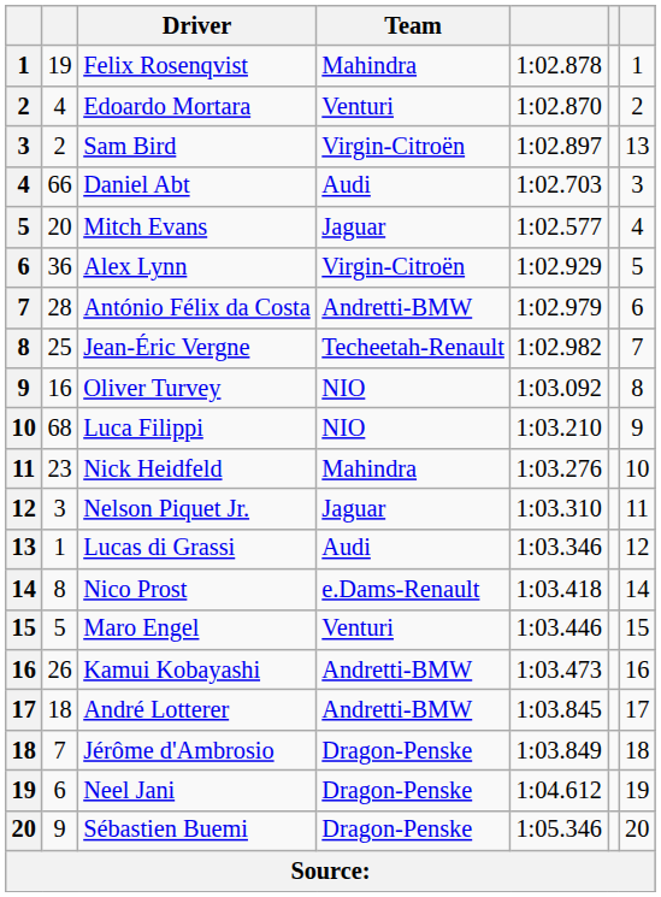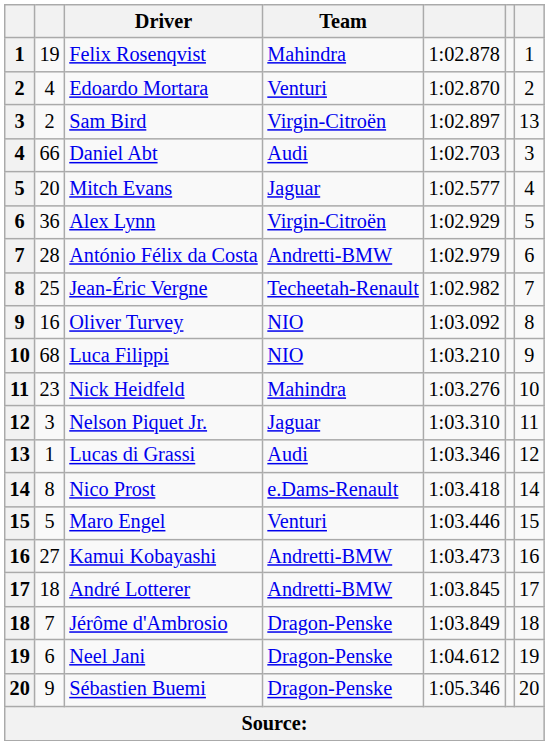 <table class="wikitable sortable" style="font-size: 85%">
 <tr>
 <th scope="col"></th>
 <th scope="col"></th>
 <th scope="col">Driver</th>
 <th scope="col">Team</th>
 <th scope="col"></th>
 <th scope="col"></th>
 <th scope="col"></th>
 </tr>
 <tr>
 <th scope="row">1</th>
 <td align="center">19</td>
 <td data-sort-value="ROS"> <a href='#'>Felix Rosenqvist</a></td>
 <td><a href='#'>Mahindra</a></td>
 <td>1:02.878</td>
 <td></td>
 <td align="center">1</td>
 </tr>
 <tr>
 <th scope="row">2</th>
 <td align="center">4</td>
 <td data-sort-value="MOR"> <a href='#'>Edoardo Mortara</a></td>
 <td><a href='#'>Venturi</a></td>
 <td>1:02.870</td>
 <td></td>
 <td align="center">2</td>
 </tr>
 <tr>
 <th scope="row">3</th>
 <td align="center">2</td>
 <td data-sort-value="BIR"> <a href='#'>Sam Bird</a></td>
 <td><a href='#'>Virgin-Citroën</a></td>
 <td>1:02.897</td>
 <td></td>
 <td align="center">13</td>
 </tr>
 <tr>
 <th scope="row">4</th>
 <td align="center">66</td>
 <td data-sort-value="ABT"> <a href='#'>Daniel Abt</a></td>
 <td><a href='#'>Audi</a></td>
 <td>1:02.703</td>
 <td></td>
 <td align="center">3</td>
 </tr>
 <tr>
 <th scope="row">5</th>
 <td align="center">20</td>
 <td data-sort-value="EVA"> <a href='#'>Mitch Evans</a></td>
 <td><a href='#'>Jaguar</a></td>
 <td>1:02.577</td>
 <td></td>
 <td align="center">4</td>
 </tr>
 <tr>
 <th scope="row">6</th>
 <td align="center">36</td>
 <td data-sort-value="LYN"> <a href='#'>Alex Lynn</a></td>
 <td><a href='#'>Virgin-Citroën</a></td>
 <td>1:02.929</td>
 <td></td>
 <td align="center">5</td>
 </tr>
 <tr>
 <th scope="row">7</th>
 <td align="center">28</td>
 <td data-sort-value="FDC"> <a href='#'>António Félix da Costa</a></td>
 <td><a href='#'>Andretti-BMW</a></td>
 <td>1:02.979</td>
 <td></td>
 <td align="center">6</td>
 </tr>
 <tr>
 <th scope="row">8</th>
 <td align="center">25</td>
 <td data-sort-value="VER"> <a href='#'>Jean-Éric Vergne</a></td>
 <td><a href='#'>Techeetah-Renault</a></td>
 <td>1:02.982</td>
 <td></td>
 <td align="center">7</td>
 </tr>
 <tr>
 <th scope="row">9</th>
 <td align="center">16</td>
 <td data-sort-value="TUR"> <a href='#'>Oliver Turvey</a></td>
 <td><a href='#'>NIO</a></td>
 <td>1:03.092</td>
 <td></td>
 <td align="center">8</td>
 </tr>
 <tr>
 <th scope="row">10</th>
 <td align="center">68</td>
 <td data-sort-value="FIL"> <a href='#'>Luca Filippi</a></td>
 <td><a href='#'>NIO</a></td>
 <td>1:03.210</td>
 <td></td>
 <td align="center">9</td>
 </tr>
 <tr>
 <th scope="row">11</th>
 <td align="center">23</td>
 <td data-sort-value="HEI"> <a href='#'>Nick Heidfeld</a></td>
 <td><a href='#'>Mahindra</a></td>
 <td>1:03.276</td>
 <td></td>
 <td align="center">10</td>
 </tr>
 <tr>
 <th scope="row">12</th>
 <td align="center">3</td>
 <td data-sort-value="PIQ"> <a href='#'>Nelson Piquet Jr.</a></td>
 <td><a href='#'>Jaguar</a></td>
 <td>1:03.310</td>
 <td></td>
 <td align="center">11</td>
 </tr>
 <tr>
 <th scope="row">13</th>
 <td align="center">1</td>
 <td data-sort-value="DIG"> <a href='#'>Lucas di Grassi</a></td>
 <td><a href='#'>Audi</a></td>
 <td>1:03.346</td>
 <td></td>
 <td align="center">12</td>
 </tr>
 <tr>
 <th scope="row">14</th>
 <td align="center">8</td>
 <td data-sort-value="PRO"> <a href='#'>Nico Prost</a></td>
 <td><a href='#'>e.Dams-Renault</a></td>
 <td>1:03.418</td>
 <td></td>
 <td align="center">14</td>
 </tr>
 <tr>
 <th scope="row">15</th>
 <td align="center">5</td>
 <td data-sort-value="ENG"> <a href='#'>Maro Engel</a></td>
 <td><a href='#'>Venturi</a></td>
 <td>1:03.446</td>
 <td></td>
 <td align="center">15</td>
 </tr>
 <tr>
 <th scope="row">16</th>
-<td align="center">26</td>
+<td align="center">27</td>
 <td data-sort-value="KOB"> <a href='#'>Kamui Kobayashi</a></td>
 <td><a href='#'>Andretti-BMW</a></td>
 <td>1:03.473</td>
 <td></td>
 <td align="center">16</td>
 </tr>
 <tr>
 <th scope="row">17</th>
 <td align="center">18</td>
 <td data-sort-value="LOT"> <a href='#'>André Lotterer</a></td>
 <td><a href='#'>Andretti-BMW</a></td>
 <td>1:03.845</td>
 <td></td>
 <td align="center">17</td>
 </tr>
 <tr>
 <th scope="row">18</th>
 <td align="center">7</td>
 <td data-sort-value="DAM"> <a href='#'>Jérôme d'Ambrosio</a></td>
 <td><a href='#'>Dragon-Penske</a></td>
 <td>1:03.849</td>
 <td></td>
 <td align="center">18</td>
 </tr>
 <tr>
 <th scope="row">19</th>
 <td align="center">6</td>
 <td data-sort-value="JAN"> <a href='#'>Neel Jani</a></td>
 <td><a href='#'>Dragon-Penske</a></td>
 <td>1:04.612</td>
 <td></td>
 <td align="center">19</td>
 </tr>
 <tr>
 <th scope="row">20</th>
 <td align="center">9</td>
 <td data-sort-value="BUE"> <a href='#'>Sébastien Buemi</a></td>
 <td><a href='#'>Dragon-Penske</a></td>
 <td>1:05.346</td>
 <td></td>
 <td align="center">20</td>
 </tr>
 <tr>
 <th colspan="7">Source:</th>
 </tr>
 <tr>
 </tr>
 </table>
